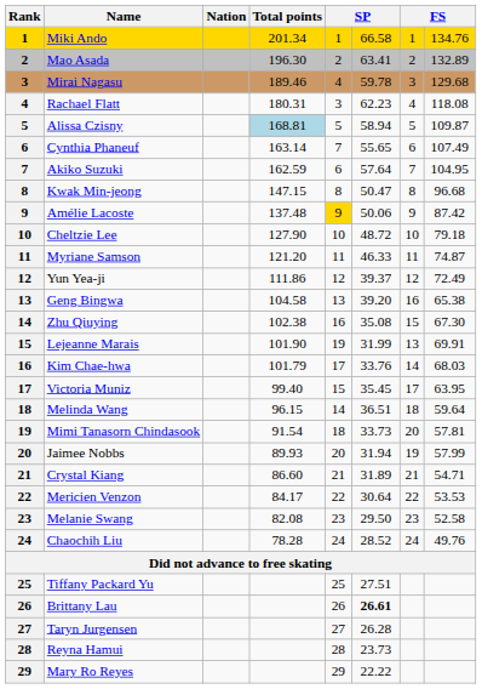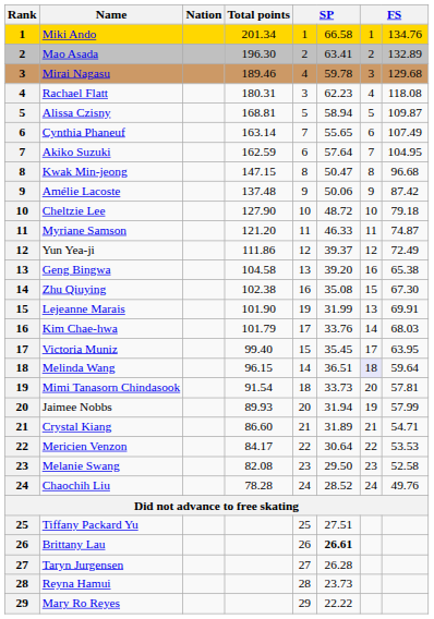 <table class="wikitable sortable">
 <tr>
 <th>Rank</th>
 <th>Name</th>
 <th>Nation</th>
 <th>Total points</th>
 <th colspan="2" width="80px"><a href='#'>SP</a></th>
 <th colspan="2" width="80px"><a href='#'>FS</a></th>
 </tr>
 <tr bgcolor="gold">
 <td align="center"><strong>1</strong></td>
 <td><a href='#'>Miki Ando</a></td>
 <td></td>
 <td align="center">201.34</td>
 <td align="center">1</td>
 <td align="center">66.58</td>
 <td align="center">1</td>
 <td align="center">134.76</td>
 </tr>
 <tr bgcolor="silver">
 <td align="center"><strong>2</strong></td>
 <td><a href='#'>Mao Asada</a></td>
 <td></td>
 <td align="center">196.30</td>
 <td align="center">2</td>
 <td align="center">63.41</td>
 <td align="center">2</td>
 <td align="center">132.89</td>
 </tr>
 <tr bgcolor="cc9966">
 <td align="center"><strong>3</strong></td>
 <td><a href='#'>Mirai Nagasu</a></td>
 <td></td>
 <td align="center">189.46</td>
 <td align="center">4</td>
 <td align="center">59.78</td>
 <td align="center">3</td>
 <td align="center">129.68</td>
 </tr>
 <tr>
 <th>4</th>
 <td><a href='#'>Rachael Flatt</a></td>
 <td></td>
 <td align="center">180.31</td>
 <td align="center">3</td>
 <td align="center">62.23</td>
 <td align="center">4</td>
 <td align="center">118.08</td>
 </tr>
 <tr>
 <th>5</th>
 <td><a href='#'>Alissa Czisny</a></td>
 <td></td>
-<td align="center" style="background: lightblue;">168.81</td>
+<td align="center">168.81</td>
 <td align="center">5</td>
 <td align="center">58.94</td>
 <td align="center">5</td>
 <td align="center">109.87</td>
 </tr>
 <tr>
 <th>6</th>
 <td><a href='#'>Cynthia Phaneuf</a></td>
 <td></td>
 <td align="center">163.14</td>
 <td align="center">7</td>
 <td align="center">55.65</td>
 <td align="center">6</td>
 <td align="center">107.49</td>
 </tr>
 <tr>
 <th>7</th>
 <td><a href='#'>Akiko Suzuki</a></td>
 <td></td>
 <td align="center">162.59</td>
 <td align="center">6</td>
 <td align="center">57.64</td>
 <td align="center">7</td>
 <td align="center">104.95</td>
 </tr>
 <tr>
 <th>8</th>
 <td><a href='#'>Kwak Min-jeong</a></td>
 <td></td>
 <td align="center">147.15</td>
 <td align="center">8</td>
 <td align="center">50.47</td>
 <td align="center">8</td>
 <td align="center">96.68</td>
 </tr>
 <tr>
 <th>9</th>
 <td><a href='#'>Amélie Lacoste</a></td>
 <td></td>
 <td align="center">137.48</td>
-<td align="center" style="background: gold;">9</td>
+<td align="center">9</td>
 <td align="center">50.06</td>
 <td align="center">9</td>
 <td align="center">87.42</td>
 </tr>
 <tr>
 <th>10</th>
 <td><a href='#'>Cheltzie Lee</a></td>
 <td></td>
 <td align="center">127.90</td>
 <td align="center">10</td>
 <td align="center">48.72</td>
 <td align="center">10</td>
 <td align="center">79.18</td>
 </tr>
 <tr>
 <th>11</th>
 <td><a href='#'>Myriane Samson</a></td>
 <td></td>
 <td align="center">121.20</td>
 <td align="center">11</td>
 <td align="center">46.33</td>
 <td align="center">11</td>
 <td align="center">74.87</td>
 </tr>
 <tr>
 <th>12</th>
 <td>Yun Yea-ji</td>
 <td></td>
 <td align="center">111.86</td>
 <td align="center">12</td>
 <td align="center">39.37</td>
 <td align="center">12</td>
 <td align="center">72.49</td>
 </tr>
 <tr>
 <th>13</th>
 <td><a href='#'>Geng Bingwa</a></td>
 <td></td>
 <td align="center">104.58</td>
 <td align="center">13</td>
 <td align="center">39.20</td>
 <td align="center">16</td>
 <td align="center">65.38</td>
 </tr>
 <tr>
 <th>14</th>
 <td><a href='#'>Zhu Qiuying</a></td>
 <td></td>
 <td align="center">102.38</td>
 <td align="center">16</td>
 <td align="center">35.08</td>
 <td align="center">15</td>
 <td align="center">67.30</td>
 </tr>
 <tr>
 <th>15</th>
 <td><a href='#'>Lejeanne Marais</a></td>
 <td></td>
 <td align="center">101.90</td>
 <td align="center">19</td>
 <td align="center">31.99</td>
 <td align="center">13</td>
 <td align="center">69.91</td>
 </tr>
 <tr>
 <th>16</th>
 <td><a href='#'>Kim Chae-hwa</a></td>
 <td></td>
 <td align="center">101.79</td>
 <td align="center">17</td>
 <td align="center">33.76</td>
 <td align="center">14</td>
 <td align="center">68.03</td>
 </tr>
 <tr>
 <th>17</th>
 <td><a href='#'>Victoria Muniz</a></td>
 <td></td>
 <td align="center">99.40</td>
 <td align="center">15</td>
 <td align="center">35.45</td>
 <td align="center">17</td>
 <td align="center">63.95</td>
 </tr>
 <tr>
 <th>18</th>
 <td><a href='#'>Melinda Wang</a></td>
 <td></td>
 <td align="center">96.15</td>
 <td align="center">14</td>
 <td align="center">36.51</td>
-<td align="center">18</td>
+<td align="center" style="background: lavender;">18</td>
 <td align="center">59.64</td>
 </tr>
 <tr>
 <th>19</th>
 <td><a href='#'>Mimi Tanasorn Chindasook</a></td>
 <td></td>
 <td align="center">91.54</td>
 <td align="center">18</td>
 <td align="center">33.73</td>
 <td align="center">20</td>
 <td align="center">57.81</td>
 </tr>
 <tr>
 <th>20</th>
 <td>Jaimee Nobbs</td>
 <td></td>
 <td align="center">89.93</td>
 <td align="center">20</td>
 <td align="center">31.94</td>
 <td align="center">19</td>
 <td align="center">57.99</td>
 </tr>
 <tr>
 <th>21</th>
 <td><a href='#'>Crystal Kiang</a></td>
 <td></td>
 <td align="center">86.60</td>
 <td align="center">21</td>
 <td align="center">31.89</td>
 <td align="center">21</td>
 <td align="center">54.71</td>
 </tr>
 <tr>
 <th>22</th>
 <td><a href='#'>Mericien Venzon</a></td>
 <td></td>
 <td align="center">84.17</td>
 <td align="center">22</td>
 <td align="center">30.64</td>
 <td align="center">22</td>
 <td align="center">53.53</td>
 </tr>
 <tr>
 <th>23</th>
 <td><a href='#'>Melanie Swang</a></td>
 <td></td>
 <td align="center">82.08</td>
 <td align="center">23</td>
 <td align="center">29.50</td>
 <td align="center">23</td>
 <td align="center">52.58</td>
 </tr>
 <tr>
 <th>24</th>
 <td><a href='#'>Chaochih Liu</a></td>
 <td></td>
 <td align="center">78.28</td>
 <td align="center">24</td>
 <td align="center">28.52</td>
 <td align="center">24</td>
 <td align="center">49.76</td>
 </tr>
 <tr>
 <th colspan=8>Did not advance to free skating</th>
 </tr>
 <tr>
 <th>25</th>
 <td><a href='#'>Tiffany Packard Yu</a></td>
 <td></td>
 <td align="center"></td>
 <td align="center">25</td>
 <td align="center">27.51</td>
 <td align="center"></td>
 <td align="center"></td>
 </tr>
 <tr>
 <th>26</th>
 <td><a href='#'>Brittany Lau</a></td>
 <td></td>
 <td align="center"></td>
 <td align="center">26</td>
 <td align="center"><strong>26.61</strong></td>
 <td align="center"></td>
 <td align="center"></td>
 </tr>
 <tr>
 <th>27</th>
 <td><a href='#'>Taryn Jurgensen</a></td>
 <td></td>
 <td align="center"></td>
 <td align="center">27</td>
 <td align="center">26.28</td>
 <td align="center"></td>
 <td align="center"></td>
 </tr>
 <tr>
 <th>28</th>
 <td><a href='#'>Reyna Hamui</a></td>
 <td></td>
 <td align="center"></td>
 <td align="center">28</td>
 <td align="center">23.73</td>
 <td align="center"></td>
 <td align="center"></td>
 </tr>
 <tr>
 <th>29</th>
 <td><a href='#'>Mary Ro Reyes</a></td>
 <td></td>
 <td align="center"></td>
 <td align="center">29</td>
 <td align="center">22.22</td>
 <td align="center"></td>
 <td align="center"></td>
 </tr>
 </table>
